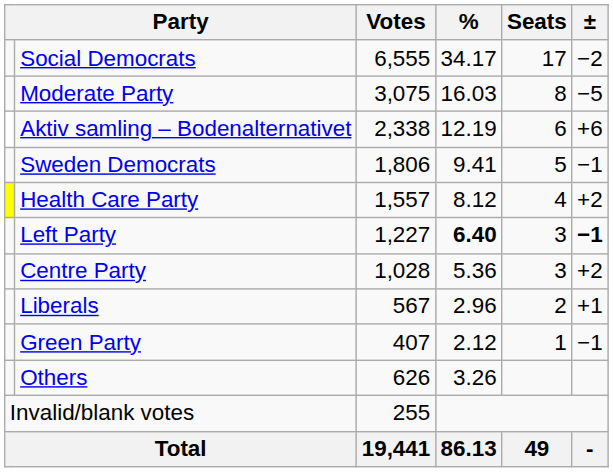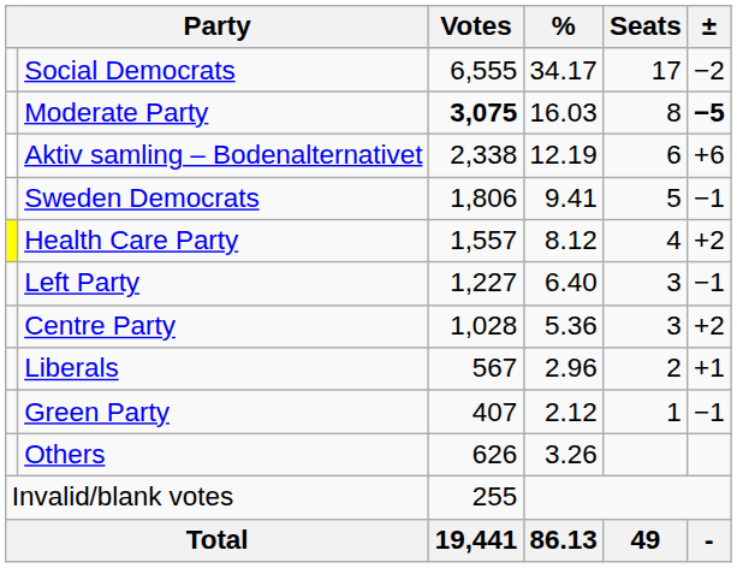 <table class=wikitable style=text-align:right>
 <tr>
 <th colspan=2>Party</th>
 <th>Votes</th>
 <th>%</th>
 <th>Seats</th>
 <th>±</th>
 </tr>
 <tr>
 <td bgcolor=></td>
 <td align=left><a href='#'>Social Democrats</a></td>
 <td>6,555</td>
 <td>34.17</td>
 <td>17</td>
 <td>−2</td>
 </tr>
 <tr>
 <td bgcolor=></td>
 <td align=left><a href='#'>Moderate Party</a></td>
-<td>3,075</td>
+<td><strong>3,075</strong></td>
 <td>16.03</td>
 <td>8</td>
-<td>−5</td>
+<td><strong>−5</strong></td>
 </tr>
 <tr>
 <td bgcolor=white></td>
 <td align=left><a href='#'>Aktiv samling – Bodenalternativet</a></td>
 <td>2,338</td>
 <td>12.19</td>
 <td>6</td>
 <td>+6</td>
 </tr>
 <tr>
 <td bgcolor=></td>
 <td align=left><a href='#'>Sweden Democrats</a></td>
 <td>1,806</td>
 <td>9.41</td>
 <td>5</td>
 <td>−1</td>
 </tr>
 <tr>
 <td bgcolor=yellow></td>
 <td align=left><a href='#'>Health Care Party</a></td>
 <td>1,557</td>
 <td>8.12</td>
 <td>4</td>
 <td>+2</td>
 </tr>
 <tr>
 <td bgcolor=></td>
 <td align=left><a href='#'>Left Party</a></td>
 <td>1,227</td>
-<td><strong>6.40</strong></td>
+<td>6.40</td>
 <td>3</td>
-<td><strong>−1</strong></td>
+<td>−1</td>
 </tr>
 <tr>
 <td bgcolor=></td>
 <td align=left><a href='#'>Centre Party</a></td>
 <td>1,028</td>
 <td>5.36</td>
 <td>3</td>
 <td>+2</td>
 </tr>
 <tr>
 <td bgcolor=></td>
 <td align=left><a href='#'>Liberals</a></td>
 <td>567</td>
 <td>2.96</td>
 <td>2</td>
 <td>+1</td>
 </tr>
 <tr>
 <td bgcolor=></td>
 <td align=left><a href='#'>Green Party</a></td>
 <td>407</td>
 <td>2.12</td>
 <td>1</td>
 <td>−1</td>
 </tr>
 <tr>
 <td></td>
 <td align=left><a href='#'>Others</a></td>
 <td>626</td>
 <td>3.26</td>
 <td></td>
 <td></td>
 </tr>
 <tr>
 <td align=left colspan=2>Invalid/blank votes</td>
 <td>255</td>
 <td colspan=3></td>
 </tr>
 <tr>
 <th align=left colspan=2>Total</th>
 <th>19,441</th>
 <th>86.13</th>
 <th>49</th>
 <th>-</th>
 </tr>
 </table>
